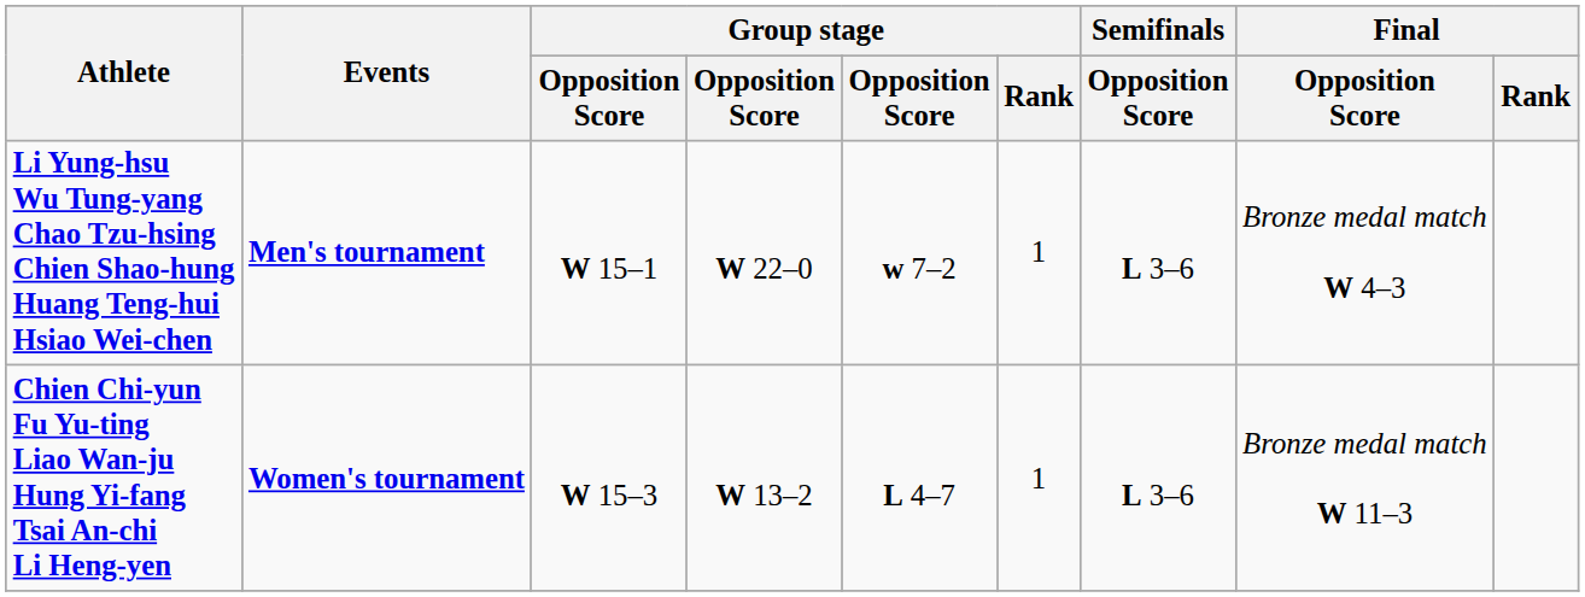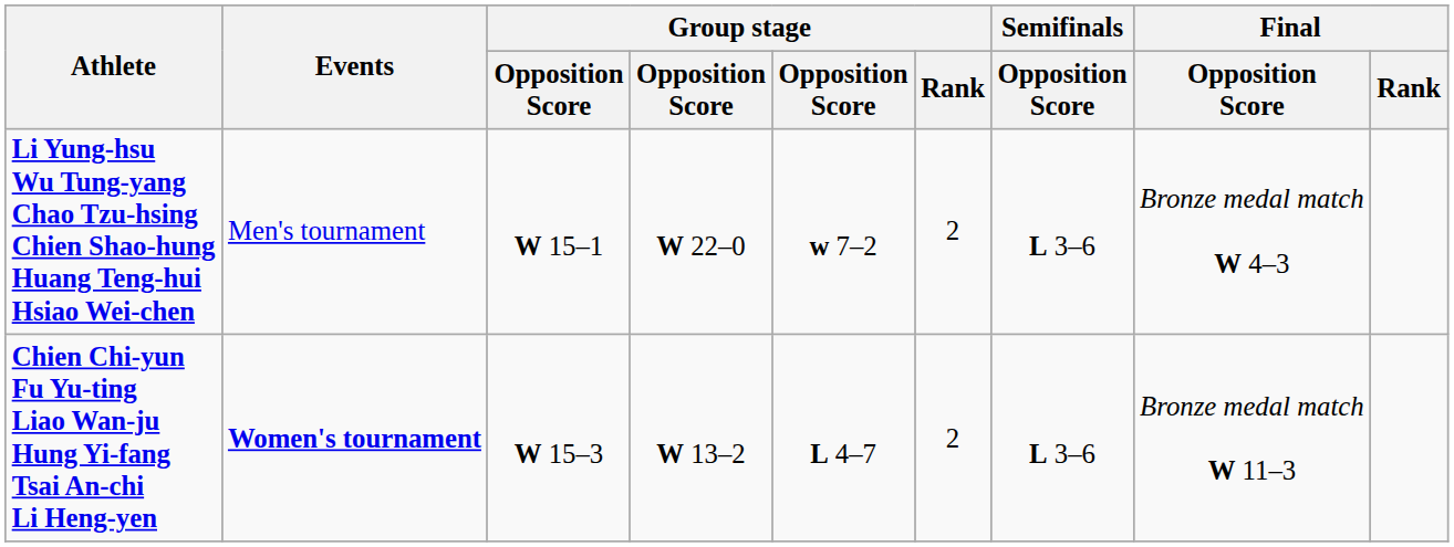 <table class="wikitable" style="font-size:90%; text-align:center">
 <tr>
 <th rowspan="2">Athlete</th>
 <th rowspan="2">Events</th>
 <th colspan="4">Group stage</th>
 <th>Semifinals</th>
 <th colspan="2">Final</th>
 </tr>
 <tr>
 <th>Opposition<br>Score</th>
 <th>Opposition<br>Score</th>
 <th>Opposition<br>Score</th>
 <th>Rank</th>
 <th>Opposition<br>Score</th>
 <th>Opposition<br>Score</th>
 <th>Rank</th>
 </tr>
 <tr>
 <td align="left"><strong><a href='#'>Li Yung-hsu</a><br><a href='#'>Wu Tung-yang</a><br><a href='#'>Chao Tzu-hsing</a><br><a href='#'>Chien Shao-hung</a><br><a href='#'>Huang Teng-hui</a><br><a href='#'>Hsiao Wei-chen</a></strong></td>
-<td align="left"><strong><a href='#'>Men's tournament</a></strong></td>
+<td align="left"><a href='#'>Men's tournament</a></td>
 <td><br><strong>W</strong> 15–1</td>
 <td><br><strong>W</strong> 22–0</td>
 <td><br><strong>w</strong> 7–2</td>
-<td>1 <strong></strong></td>
+<td>2 <strong></strong></td>
 <td><br><strong>L</strong> 3–6</td>
 <td><em>Bronze medal match</em><br><br><strong>W</strong> 4–3</td>
 <td></td>
 </tr>
 <tr>
 <td align="left"><strong><a href='#'>Chien Chi-yun</a><br><a href='#'>Fu Yu-ting</a><br><a href='#'>Liao Wan-ju</a><br><a href='#'>Hung Yi-fang</a><br><a href='#'>Tsai An-chi</a><br><a href='#'>Li Heng-yen</a></strong></td>
 <td align="left"><strong><a href='#'>Women's tournament</a></strong></td>
 <td><br><strong>W</strong> 15–3</td>
 <td><br><strong>W</strong> 13–2</td>
 <td><br><strong>L</strong> 4–7</td>
-<td>1 <strong></strong></td>
+<td>2 <strong></strong></td>
 <td><br><strong>L</strong> 3–6</td>
 <td><em>Bronze medal match</em><br><br><strong>W</strong> 11–3</td>
 <td></td>
 </tr>
 </table>
